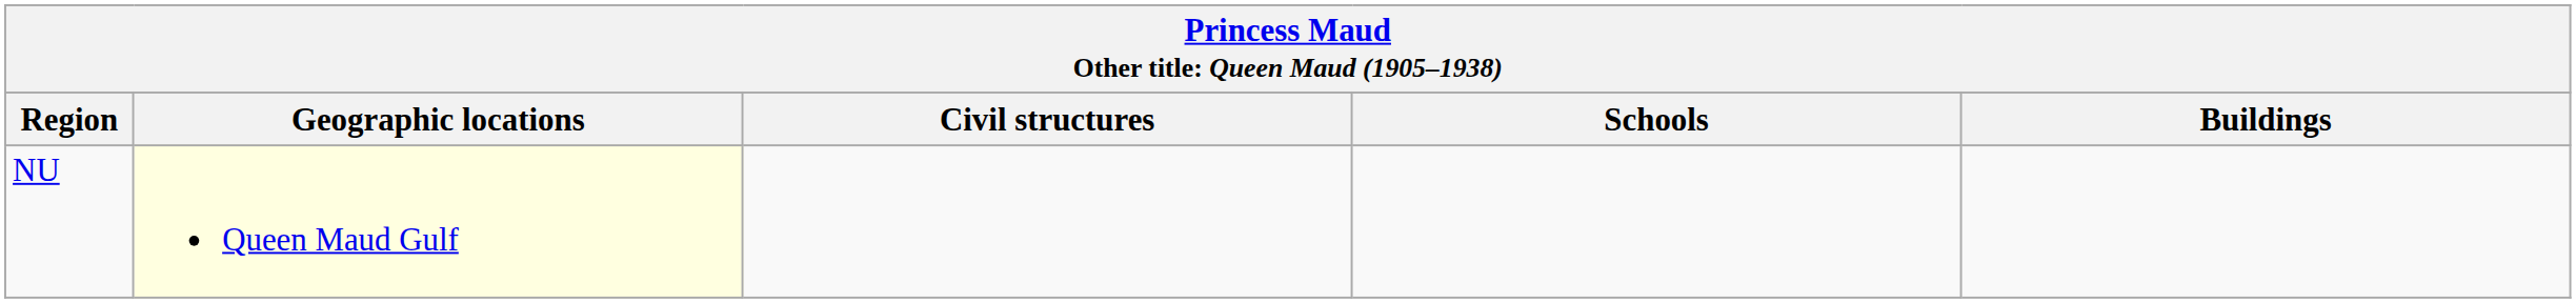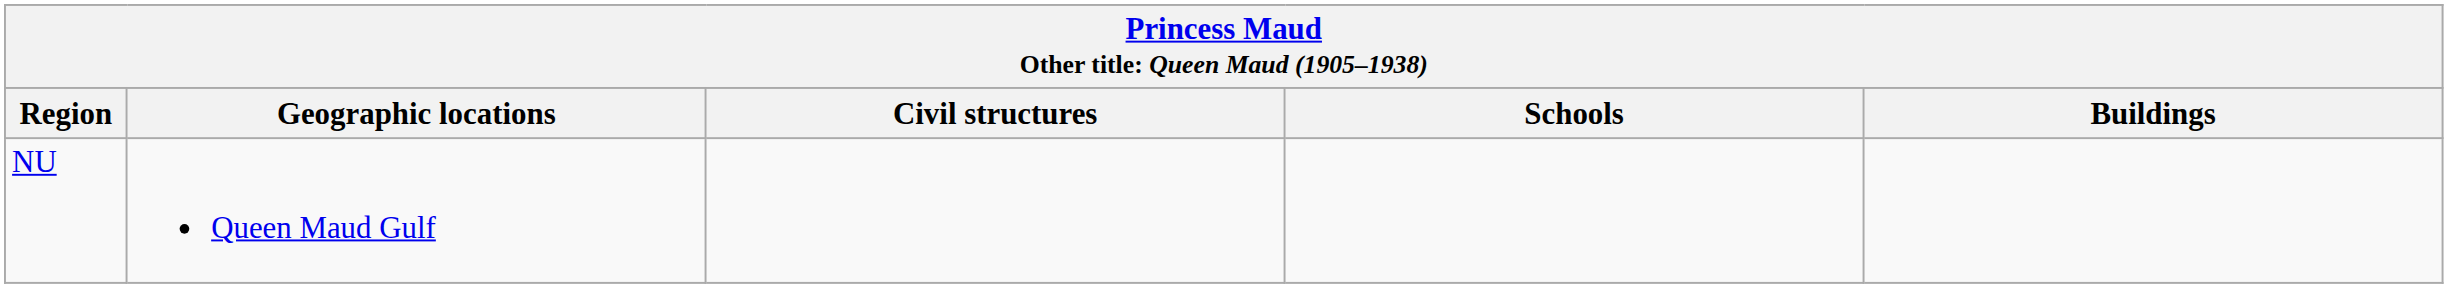 <table class="wikitable" width="100%">
 <tr>
 <th colspan="5"> <a href='#'>Princess Maud</a><br><small>Other title: <em>Queen Maud (1905–1938)</em></small></th>
 </tr>
 <tr>
 <th width="5%">Region</th>
 <th width="23.75%">Geographic locations</th>
 <th width="23.75%">Civil structures</th>
 <th width="23.75%">Schools</th>
 <th width="23.75%">Buildings</th>
 </tr>
 <tr>
 <td align=left valign=top> <a href='#'>NU</a></td>
-<td align=left valign=top style="background: lightyellow;"><br><ul><li><a href='#'>Queen Maud Gulf</a></li></ul></td>
+<td align=left valign=top><br><ul><li><a href='#'>Queen Maud Gulf</a></li></ul></td>
 <td></td>
 <td></td>
 <td></td>
 </tr>
 </table>
